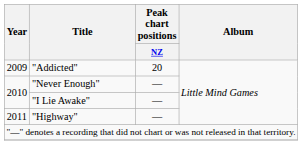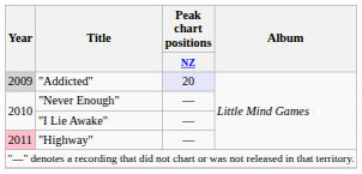 <table class="wikitable plainrowheaders">
 <tr>
 <th rowspan="2"  width="1em">Year</th>
 <th rowspan="2">Title</th>
 <th width="3em">Peak chart positions</th>
 <th rowspan="2">Album</th>
 </tr>
 <tr>
 <th><small><a href='#'>NZ</a></small></th>
 </tr>
 <tr>
-<td>2009</td>
+<td style="background: lightgrey;">2009</td>
 <td>"Addicted"</td>
-<td align="center">20</td>
+<td align="center" style="background: lavender;">20</td>
 <td rowspan="4"><em>Little Mind Games</em></td>
 </tr>
 <tr>
 <td rowspan="2">2010</td>
 <td>"Never Enough"</td>
 <td align="center">—</td>
 </tr>
 <tr>
 <td>"I Lie Awake"</td>
 <td align="center">—</td>
 </tr>
 <tr>
-<td>2011</td>
+<td style="background: pink;">2011</td>
 <td>"Highway"</td>
 <td align="center">—</td>
 </tr>
 <tr>
 <td colspan="4" style="font-size:90%" align="center">"—" denotes a recording that did not chart or was not released in that territory.</td>
 </tr>
 <tr>
 </tr>
 </table>
